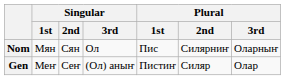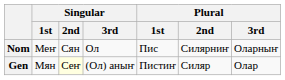 <table class = "wikitable">
 <tr>
 <th rowspan="2"></th>
 <th colspan="3">Singular</th>
 <th colspan="3">Plural</th>
 </tr>
 <tr>
 <th>1st</th>
 <th>2nd</th>
 <th>3rd</th>
 <th>1st</th>
 <th>2nd</th>
 <th>3rd</th>
 </tr>
 <tr>
 <th>Nom</th>
-<td>Мян</td>
+<td>Меҥ</td>
 <td>Сян</td>
 <td>Ол</td>
 <td>Пис</td>
 <td>Силярниҥ</td>
 <td>Оларныҥ</td>
 </tr>
 <tr>
 <th>Gen</th>
-<td>Меҥ</td>
-<td>Сеҥ</td>
+<td>Мян</td>
+<td style="background: lightyellow;">Сеҥ</td>
 <td>(Ол) аныҥ</td>
 <td>Пистиҥ</td>
 <td>Силяр</td>
 <td>Олар</td>
 </tr>
 </table>
